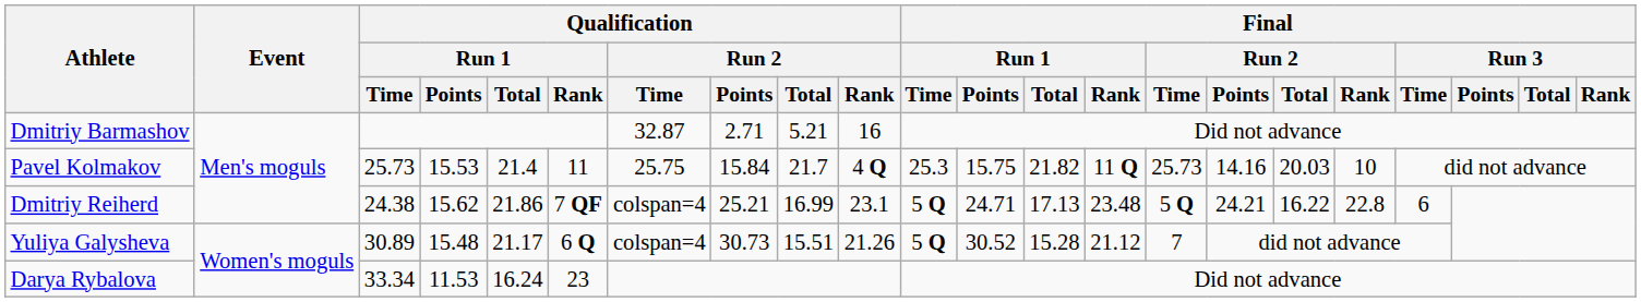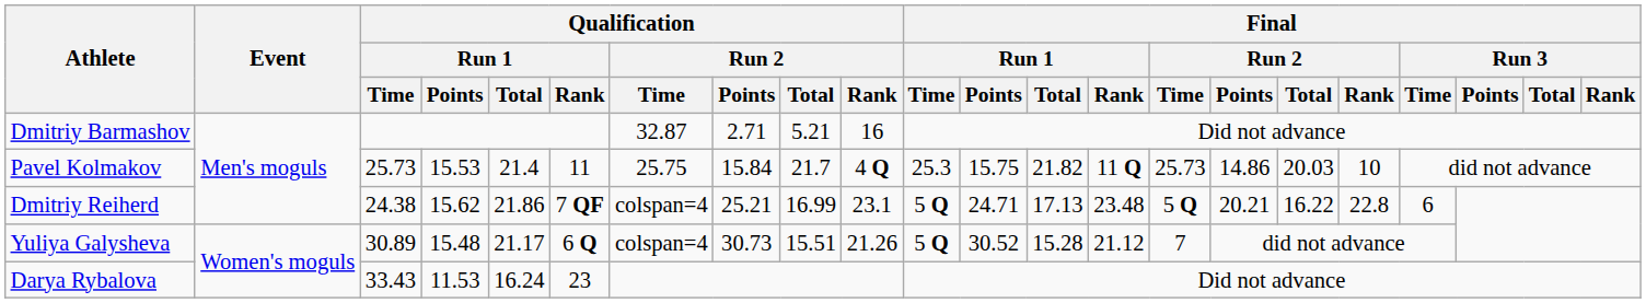 <table class="wikitable" style="font-size:90%">
 <tr>
 <th rowspan=3>Athlete</th>
 <th rowspan=3>Event</th>
 <th colspan=8>Qualification</th>
 <th colspan=12>Final</th>
 </tr>
 <tr style="font-size:95%">
 <th colspan=4>Run 1</th>
 <th colspan=4>Run 2</th>
 <th colspan=4>Run 1</th>
 <th colspan=4>Run 2</th>
 <th colspan=4>Run 3</th>
 </tr>
 <tr style="font-size:95%">
 <th>Time</th>
 <th>Points</th>
 <th>Total</th>
 <th>Rank</th>
 <th>Time</th>
 <th>Points</th>
 <th>Total</th>
 <th>Rank</th>
 <th>Time</th>
 <th>Points</th>
 <th>Total</th>
 <th>Rank</th>
 <th>Time</th>
 <th>Points</th>
 <th>Total</th>
 <th>Rank</th>
 <th>Time</th>
 <th>Points</th>
 <th>Total</th>
 <th>Rank</th>
 </tr>
 <tr align=center>
 <td align=left><a href='#'>Dmitriy Barmashov</a></td>
 <td align=left rowspan=3><a href='#'>Men's moguls</a></td>
 <td colspan=4></td>
 <td>32.87</td>
 <td>2.71</td>
 <td>5.21</td>
 <td>16</td>
 <td colspan=12>Did not advance</td>
 </tr>
 <tr align=center>
 <td align=left><a href='#'>Pavel Kolmakov</a></td>
 <td>25.73</td>
 <td>15.53</td>
 <td>21.4</td>
 <td>11</td>
 <td>25.75</td>
 <td>15.84</td>
 <td>21.7</td>
 <td>4 <strong>Q</strong></td>
 <td>25.3</td>
 <td>15.75</td>
 <td>21.82</td>
 <td>11 <strong>Q</strong></td>
 <td>25.73</td>
-<td>14.16</td>
+<td>14.86</td>
 <td>20.03</td>
 <td>10</td>
 <td colspan=4>did not advance</td>
 </tr>
 <tr align=center>
 <td align=left><a href='#'>Dmitriy Reiherd</a></td>
 <td>24.38</td>
 <td>15.62</td>
 <td>21.86</td>
 <td>7 <strong>QF</strong></td>
 <td>colspan=4 </td>
 <td>25.21</td>
 <td>16.99</td>
 <td>23.1</td>
 <td>5 <strong>Q</strong></td>
 <td>24.71</td>
 <td>17.13</td>
 <td>23.48</td>
 <td>5 <strong>Q</strong></td>
-<td>24.21</td>
+<td>20.21</td>
 <td>16.22</td>
 <td>22.8</td>
 <td>6</td>
 </tr>
 <tr align=center>
 <td align=left><a href='#'>Yuliya Galysheva</a></td>
 <td align=left rowspan=2><a href='#'>Women's moguls</a></td>
 <td>30.89</td>
 <td>15.48</td>
 <td>21.17</td>
 <td>6 <strong>Q</strong></td>
 <td>colspan=4 </td>
 <td>30.73</td>
 <td>15.51</td>
 <td>21.26</td>
 <td>5 <strong>Q</strong></td>
 <td>30.52</td>
 <td>15.28</td>
 <td>21.12</td>
 <td>7</td>
 <td colspan=4>did not advance</td>
 </tr>
 <tr align=center>
 <td align=left><a href='#'>Darya Rybalova</a></td>
-<td>33.34</td>
+<td>33.43</td>
 <td>11.53</td>
 <td>16.24</td>
 <td>23</td>
 <td colspan=4></td>
 <td colspan=12>Did not advance</td>
 </tr>
 </table>
